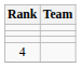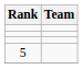 <table class="wikitable">
 <tr>
 <th>Rank</th>
 <th>Team</th>
 </tr>
 <tr>
 <td align=center></td>
 <td></td>
 </tr>
 <tr>
 <td align=center></td>
 <td></td>
 </tr>
 <tr>
 <td align=center></td>
 <td></td>
 </tr>
 <tr>
-<td align=center>4</td>
+<td align=center>5</td>
 <td></td>
 </tr>
 <tr>
 </tr>
 </table>
